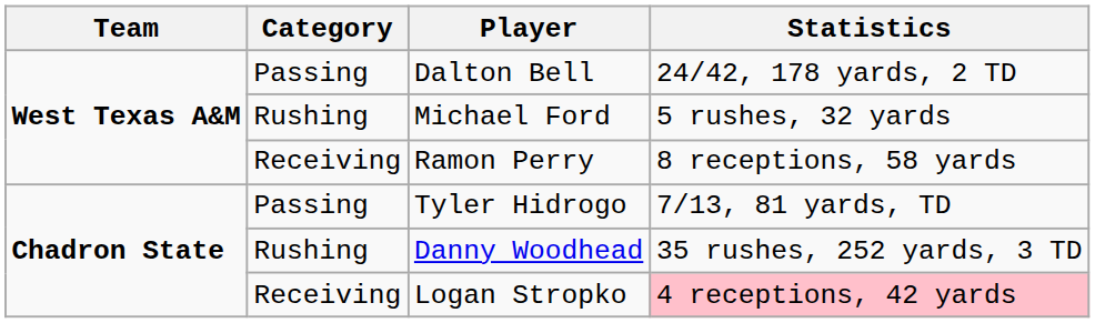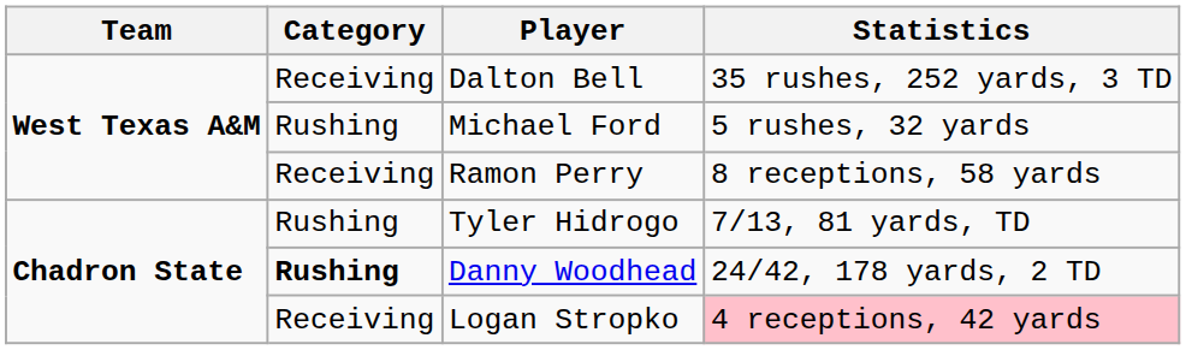 <table class="wikitable" style="float: right;">
 <tr>
 <th>Team</th>
 <th>Category</th>
 <th>Player</th>
 <th>Statistics</th>
 </tr>
 <tr>
 <td rowspan=3><strong>West Texas A&M</strong></td>
-<td>Passing</td>
+<td>Receiving</td>
 <td>Dalton Bell</td>
-<td>24/42, 178 yards, 2 TD</td>
+<td>35 rushes, 252 yards, 3 TD</td>
 </tr>
 <tr>
 <td>Rushing</td>
 <td>Michael Ford</td>
 <td>5 rushes, 32 yards</td>
 </tr>
 <tr>
 <td>Receiving</td>
 <td>Ramon Perry</td>
 <td>8 receptions, 58 yards</td>
 </tr>
 <tr>
 <td rowspan=3><strong>Chadron State</strong></td>
-<td>Passing</td>
+<td>Rushing</td>
 <td>Tyler Hidrogo</td>
 <td>7/13, 81 yards, TD</td>
 </tr>
 <tr>
-<td>Rushing</td>
+<td><strong>Rushing</strong></td>
 <td><a href='#'>Danny Woodhead</a></td>
-<td>35 rushes, 252 yards, 3 TD</td>
+<td>24/42, 178 yards, 2 TD</td>
 </tr>
 <tr>
 <td>Receiving</td>
 <td>Logan Stropko</td>
 <td style="background: pink;">4 receptions, 42 yards</td>
 </tr>
 </table>
